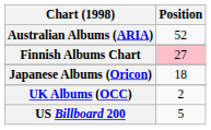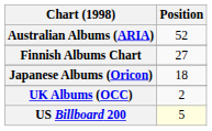 <table class="wikitable sortable plainrowheaders" style="text-align:center;">
 <tr>
 <th>Chart (1998)</th>
 <th>Position</th>
 </tr>
 <tr>
 <th scope="row">Australian Albums (<a href='#'>ARIA</a>)</th>
 <td>52</td>
 </tr>
 <tr>
 </tr>
 <tr>
 </tr>
 <tr>
 </tr>
 <tr>
 </tr>
 <tr>
 </tr>
 <tr>
 <th scope="row">Finnish Albums Chart</th>
-<td style="background: pink;">27</td>
+<td>27</td>
 </tr>
 <tr>
 </tr>
 <tr>
 </tr>
 <tr>
 <th scope="row">Japanese Albums (<a href='#'>Oricon</a>)</th>
 <td>18</td>
 </tr>
 <tr>
 </tr>
 <tr>
 </tr>
 <tr>
 </tr>
 <tr>
 </tr>
 <tr>
 </tr>
 <tr>
 <th scope="row"><a href='#'>UK Albums</a> (<a href='#'>OCC</a>)</th>
 <td>2</td>
 </tr>
 <tr>
 <th scope="row">US <a href='#'><em>Billboard</em> 200</a></th>
-<td>5</td>
+<td style="background: lightyellow;">5</td>
 </tr>
 </table>
